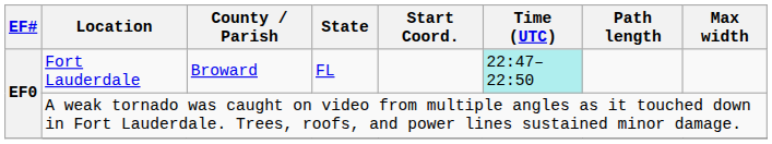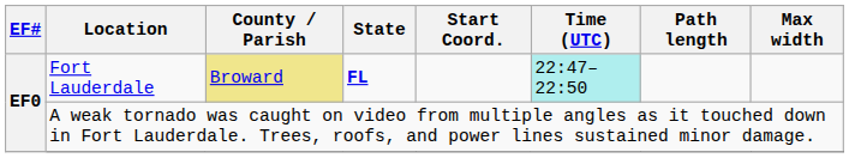 <table class="wikitable sortable" style="width:100%;">
 <tr>
 <th scope="col" width="2%" align="center"><a href='#'>EF#</a></th>
 <th scope="col" align="center" class="unsortable">Location</th>
 <th scope="col" align="center" class="unsortable">County / Parish</th>
 <th scope="col" align="center">State</th>
 <th scope="col" align="center">Start Coord.</th>
 <th scope="col" align="center">Time (<a href='#'>UTC</a>)</th>
 <th scope="col" align="center">Path length</th>
 <th scope="col" align="center">Max width</th>
 </tr>
 <tr>
 <th scope="row" rowspan="2" style="background-color:#">EF0</th>
 <td><a href='#'>Fort Lauderdale</a></td>
-<td><a href='#'>Broward</a></td>
-<td><a href='#'>FL</a></td>
+<td style="background: khaki;"><a href='#'>Broward</a></td>
+<td><strong><a href='#'>FL</a></strong></td>
 <td></td>
 <td style="background: paleturquoise;">22:47–22:50</td>
 <td></td>
 <td></td>
 </tr>
 <tr class="expand-child">
 <td colspan="8" style=" border-bottom: 1px solid black;">A weak tornado was caught on video from multiple angles as it touched down in Fort Lauderdale. Trees, roofs, and power lines sustained minor damage.</td>
 </tr>
 <tr>
 </tr>
 </table>
